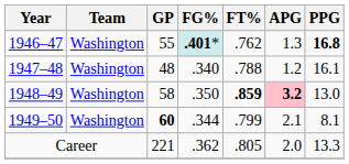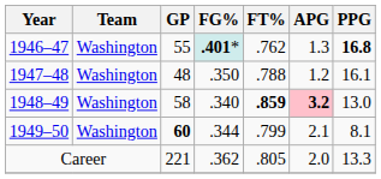 <table class="wikitable sortable" style="font-size:95%; text-align:right;">
 <tr>
 <th>Year</th>
 <th>Team</th>
 <th>GP</th>
 <th>FG%</th>
 <th>FT%</th>
 <th>APG</th>
 <th>PPG</th>
 </tr>
 <tr>
 <td style="text-align:left;"><a href='#'>1946–47</a></td>
 <td style="text-align:left;"><a href='#'>Washington</a></td>
 <td>55</td>
 <td style="background:#CFECEC;"><strong>.401</strong>*</td>
 <td>.762</td>
 <td>1.3</td>
 <td><strong>16.8</strong></td>
 </tr>
 <tr>
 <td style="text-align:left;"><a href='#'>1947–48</a></td>
 <td style="text-align:left;"><a href='#'>Washington</a></td>
 <td>48</td>
-<td>.340</td>
+<td>.350</td>
 <td>.788</td>
 <td>1.2</td>
 <td>16.1</td>
 </tr>
 <tr>
 <td style="text-align:left;"><a href='#'>1948–49</a></td>
 <td style="text-align:left;"><a href='#'>Washington</a></td>
 <td>58</td>
-<td>.350</td>
+<td>.340</td>
 <td><strong>.859</strong></td>
 <td style="background: pink;"><strong>3.2</strong></td>
 <td>13.0</td>
 </tr>
 <tr>
 <td style="text-align:left;"><a href='#'>1949–50</a></td>
 <td style="text-align:left;"><a href='#'>Washington</a></td>
 <td><strong>60</strong></td>
 <td>.344</td>
 <td>.799</td>
 <td>2.1</td>
 <td>8.1</td>
 </tr>
 <tr>
 <td style="text-align:center;" colspan="2">Career</td>
 <td>221</td>
 <td>.362</td>
 <td>.805</td>
 <td>2.0</td>
 <td>13.3</td>
 </tr>
 <tr>
 </tr>
 </table>
